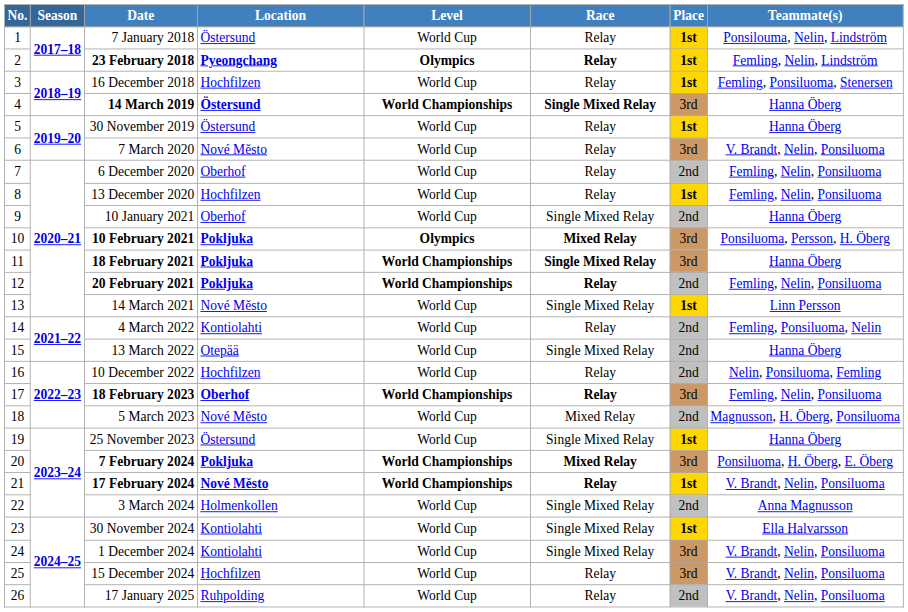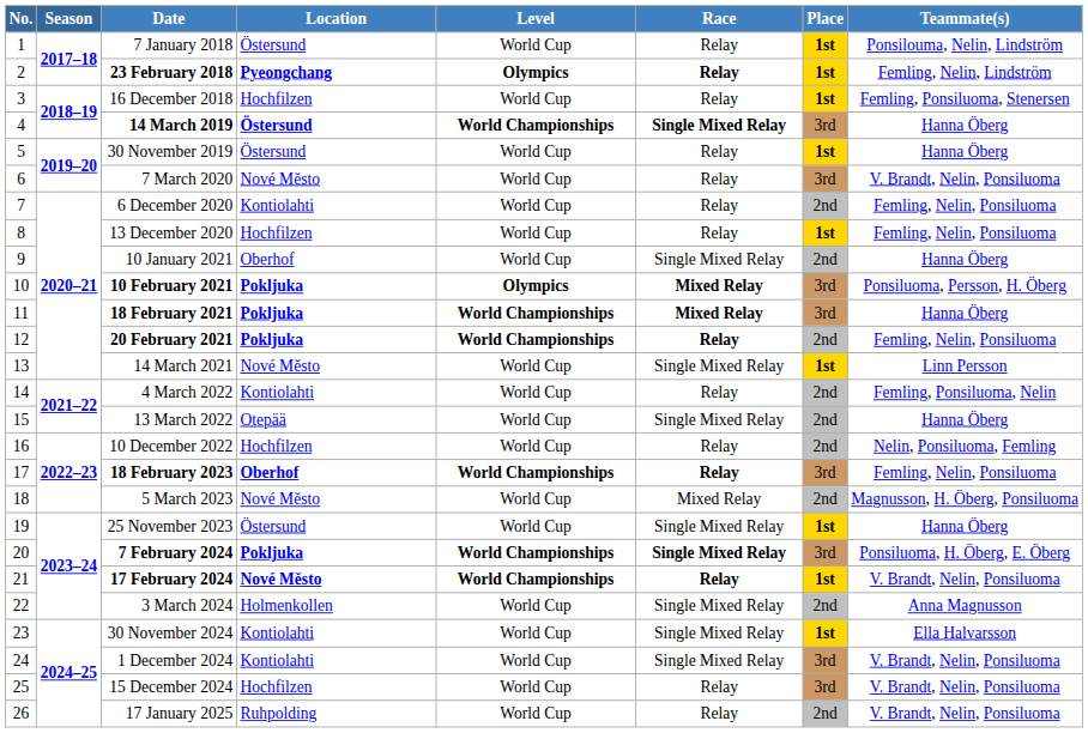 <table class="wikitable sortable" style="font-size:95%; text-align:center; border:grey solid 1px; border-collapse:collapse; background:#ffffff;">
 <tr style="background:#efefef;">
 <th style="background-color:#369; color:white;">No.</th>
 <th style="background-color:#369; color:white;">Season</th>
 <th style="background-color:#4180be; color:white; width:120px;">Date</th>
 <th style="background-color:#4180be; color:white; width:180px;">Location</th>
 <th style="background-color:#4180be; color:white; width:180px;">Level</th>
 <th style="background-color:#4180be; color:white; width:150px;">Race</th>
 <th style="background-color:#4180be; color:white;">Place</th>
 <th style="background-color:#4180be; color:white;">Teammate(s)</th>
 </tr>
 <tr>
 <td align=center>1</td>
 <td rowspan=2 align=center><strong><a href='#'>2017–18</a></strong></td>
 <td align=right>7 January 2018</td>
 <td align=left> <a href='#'>Östersund</a></td>
 <td>World Cup</td>
 <td>Relay</td>
 <td bgcolor="gold"><strong>1st</strong></td>
 <td><a href='#'>Ponsilouma</a>, <a href='#'>Nelin</a>, <a href='#'>Lindström</a></td>
 </tr>
 <tr>
 <td align=center>2</td>
 <td align=right><strong>23 February 2018</strong></td>
 <td align=left> <strong><a href='#'>Pyeongchang</a></strong></td>
 <td><strong>Olympics</strong></td>
 <td><strong>Relay</strong></td>
 <td bgcolor="gold"><strong>1st</strong></td>
 <td><a href='#'>Femling</a>, <a href='#'>Nelin</a>, <a href='#'>Lindström</a></td>
 </tr>
 <tr>
 <td align=center>3</td>
 <td rowspan=2 align=center><strong><a href='#'>2018–19</a></strong></td>
 <td align=right>16 December 2018</td>
 <td align=left> <a href='#'>Hochfilzen</a></td>
 <td>World Cup</td>
 <td>Relay</td>
 <td bgcolor="gold"><strong>1st</strong></td>
 <td><a href='#'>Femling</a>, <a href='#'>Ponsiluoma</a>, <a href='#'>Stenersen</a></td>
 </tr>
 <tr>
 <td align=center>4</td>
 <td align=right><strong>14 March 2019</strong></td>
 <td align=left> <strong><a href='#'>Östersund</a></strong></td>
 <td><strong>World Championships</strong></td>
 <td><strong>Single Mixed Relay</strong></td>
 <td bgcolor="cc9966">3rd</td>
 <td><a href='#'>Hanna Öberg</a></td>
 </tr>
 <tr>
 <td align=center>5</td>
 <td rowspan=2 align=center><strong><a href='#'>2019–20</a></strong></td>
 <td align=right>30 November 2019</td>
 <td align=left> <a href='#'>Östersund</a></td>
 <td>World Cup</td>
 <td>Relay</td>
 <td bgcolor="gold"><strong>1st</strong></td>
 <td><a href='#'>Hanna Öberg</a></td>
 </tr>
 <tr>
 <td align=center>6</td>
 <td align=right>7 March 2020</td>
 <td align=left> <a href='#'>Nové Město</a></td>
 <td>World Cup</td>
 <td>Relay</td>
 <td bgcolor="cc9966">3rd</td>
 <td><a href='#'>V. Brandt</a>, <a href='#'>Nelin</a>, <a href='#'>Ponsiluoma</a></td>
 </tr>
 <tr>
 <td align=center>7</td>
 <td rowspan=7 align=center><strong><a href='#'>2020–21</a></strong></td>
 <td align=right>6 December 2020</td>
-<td align=left> <a href='#'>Oberhof</a></td>
+<td align=left> <a href='#'>Kontiolahti</a></td>
 <td>World Cup</td>
 <td>Relay</td>
 <td bgcolor="silver">2nd</td>
 <td><a href='#'>Femling</a>, <a href='#'>Nelin</a>, <a href='#'>Ponsiluoma</a></td>
 </tr>
 <tr>
 <td align=center>8</td>
 <td align=right>13 December 2020</td>
 <td align=left> <a href='#'>Hochfilzen</a></td>
 <td>World Cup</td>
 <td>Relay</td>
 <td bgcolor="gold"><strong>1st</strong></td>
 <td><a href='#'>Femling</a>, <a href='#'>Nelin</a>, <a href='#'>Ponsiluoma</a></td>
 </tr>
 <tr>
 <td align=center>9</td>
 <td align=right>10 January 2021</td>
 <td align=left> <a href='#'>Oberhof</a></td>
 <td>World Cup</td>
 <td>Single Mixed Relay</td>
 <td bgcolor="silver">2nd</td>
 <td><a href='#'>Hanna Öberg</a></td>
 </tr>
 <tr>
 <td align=center>10</td>
 <td align=right><strong>10 February 2021</strong></td>
 <td align=left> <strong><a href='#'>Pokljuka</a></strong></td>
 <td><strong>Olympics</strong></td>
 <td><strong>Mixed Relay</strong></td>
 <td bgcolor="cc9966">3rd</td>
 <td><a href='#'>Ponsiluoma</a>, <a href='#'>Persson</a>, <a href='#'>H. Öberg</a></td>
 </tr>
 <tr>
 <td align=center>11</td>
 <td align=right><strong>18 February 2021</strong></td>
 <td align=left> <strong><a href='#'>Pokljuka</a></strong></td>
 <td><strong>World Championships</strong></td>
-<td><strong>Single Mixed Relay</strong></td>
+<td><strong>Mixed Relay</strong></td>
 <td bgcolor="cc9966">3rd</td>
 <td><a href='#'>Hanna Öberg</a></td>
 </tr>
 <tr>
 <td align=center>12</td>
 <td align=right><strong>20 February 2021</strong></td>
 <td align=left> <strong><a href='#'>Pokljuka</a></strong></td>
 <td><strong>World Championships</strong></td>
 <td><strong>Relay</strong></td>
 <td bgcolor="silver">2nd</td>
 <td><a href='#'>Femling</a>, <a href='#'>Nelin</a>, <a href='#'>Ponsiluoma</a></td>
 </tr>
 <tr>
 <td align=center>13</td>
 <td align=right>14 March 2021</td>
 <td align=left> <a href='#'>Nové Město</a></td>
 <td>World Cup</td>
 <td>Single Mixed Relay</td>
 <td bgcolor="gold"><strong>1st</strong></td>
 <td><a href='#'>Linn Persson</a></td>
 </tr>
 <tr>
 <td align=center>14</td>
 <td rowspan=2 align=center><strong><a href='#'>2021–22</a></strong></td>
 <td align=right>4 March 2022</td>
 <td align=left> <a href='#'>Kontiolahti</a></td>
 <td>World Cup</td>
 <td>Relay</td>
 <td bgcolor="silver">2nd</td>
 <td><a href='#'>Femling</a>, <a href='#'>Ponsiluoma</a>, <a href='#'>Nelin</a></td>
 </tr>
 <tr>
 <td align=center>15</td>
 <td align=right>13 March 2022</td>
 <td align=left> <a href='#'>Otepää</a></td>
 <td>World Cup</td>
 <td>Single Mixed Relay</td>
 <td bgcolor="silver">2nd</td>
 <td><a href='#'>Hanna Öberg</a></td>
 </tr>
 <tr>
 <td align=center>16</td>
 <td rowspan=3 align=center><strong><a href='#'>2022–23</a></strong></td>
 <td align=right>10 December 2022</td>
 <td align=left> <a href='#'>Hochfilzen</a></td>
 <td>World Cup</td>
 <td>Relay</td>
 <td bgcolor="silver">2nd</td>
 <td><a href='#'>Nelin</a>, <a href='#'>Ponsiluoma</a>, <a href='#'>Femling</a></td>
 </tr>
 <tr>
 <td align=center>17</td>
 <td align=right><strong>18 February 2023</strong></td>
 <td align=left> <strong><a href='#'>Oberhof</a></strong></td>
 <td><strong>World Championships</strong></td>
 <td><strong>Relay</strong></td>
 <td align=center bgcolor="cc9966">3rd</td>
 <td><a href='#'>Femling</a>, <a href='#'>Nelin</a>, <a href='#'>Ponsiluoma</a></td>
 </tr>
 <tr>
 <td align=center>18</td>
 <td align=right>5 March 2023</td>
 <td align=left> <a href='#'>Nové Město</a></td>
 <td>World Cup</td>
 <td>Mixed Relay</td>
 <td bgcolor="silver">2nd</td>
 <td><a href='#'>Magnusson</a>, <a href='#'>H. Öberg</a>, <a href='#'>Ponsiluoma</a></td>
 </tr>
 <tr>
 <td align=center>19</td>
 <td rowspan=4 align=center><strong><a href='#'>2023–24</a></strong></td>
 <td align=right>25 November 2023</td>
 <td align=left> <a href='#'>Östersund</a></td>
 <td>World Cup</td>
 <td>Single Mixed Relay</td>
 <td bgcolor="gold"><strong>1st</strong></td>
 <td><a href='#'>Hanna Öberg</a></td>
 </tr>
 <tr>
 <td align=center>20</td>
 <td align=right><strong>7 February 2024</strong></td>
 <td align=left> <strong><a href='#'>Pokljuka</a></strong></td>
 <td><strong>World Championships</strong></td>
-<td><strong>Mixed Relay</strong></td>
+<td><strong>Single Mixed Relay</strong></td>
 <td align=center bgcolor="cc9966">3rd</td>
 <td><a href='#'>Ponsiluoma</a>, <a href='#'>H. Öberg</a>, <a href='#'>E. Öberg</a></td>
 </tr>
 <tr>
 <td align=center>21</td>
 <td align=right><strong>17 February 2024</strong></td>
 <td align=left> <strong><a href='#'>Nové Město</a></strong></td>
 <td><strong>World Championships</strong></td>
 <td><strong>Relay</strong></td>
 <td bgcolor="gold"><strong>1st</strong></td>
 <td><a href='#'>V. Brandt</a>, <a href='#'>Nelin</a>, <a href='#'>Ponsiluoma</a></td>
 </tr>
 <tr>
 <td align=center>22</td>
 <td align=right>3 March 2024</td>
 <td align=left> <a href='#'>Holmenkollen</a></td>
 <td>World Cup</td>
 <td>Single Mixed Relay</td>
 <td bgcolor="silver">2nd</td>
 <td><a href='#'>Anna Magnusson</a></td>
 </tr>
 <tr>
 <td align=center>23</td>
 <td rowspan=4 align=center><strong><a href='#'>2024–25</a></strong></td>
 <td align=right>30 November 2024</td>
 <td align=left> <a href='#'>Kontiolahti</a></td>
 <td>World Cup</td>
 <td>Single Mixed Relay</td>
 <td bgcolor="gold"><strong>1st</strong></td>
 <td><a href='#'>Ella Halvarsson</a></td>
 </tr>
 <tr>
 <td align=center>24</td>
 <td align=right>1 December 2024</td>
 <td align=left> <a href='#'>Kontiolahti</a></td>
 <td>World Cup</td>
 <td>Single Mixed Relay</td>
 <td align=center bgcolor="cc9966">3rd</td>
 <td><a href='#'>V. Brandt</a>, <a href='#'>Nelin</a>, <a href='#'>Ponsiluoma</a></td>
 </tr>
 <tr>
 <td align=center>25</td>
 <td align=right>15 December 2024</td>
 <td align=left> <a href='#'>Hochfilzen</a></td>
 <td>World Cup</td>
 <td>Relay</td>
 <td align=center bgcolor="cc9966">3rd</td>
 <td><a href='#'>V. Brandt</a>, <a href='#'>Nelin</a>, <a href='#'>Ponsiluoma</a></td>
 </tr>
 <tr>
 <td align=center>26</td>
 <td align=right>17 January 2025</td>
 <td align=left> <a href='#'>Ruhpolding</a></td>
 <td>World Cup</td>
 <td>Relay</td>
 <td align=center bgcolor="silver">2nd</td>
 <td><a href='#'>V. Brandt</a>, <a href='#'>Nelin</a>, <a href='#'>Ponsiluoma</a></td>
 </tr>
 </table>
